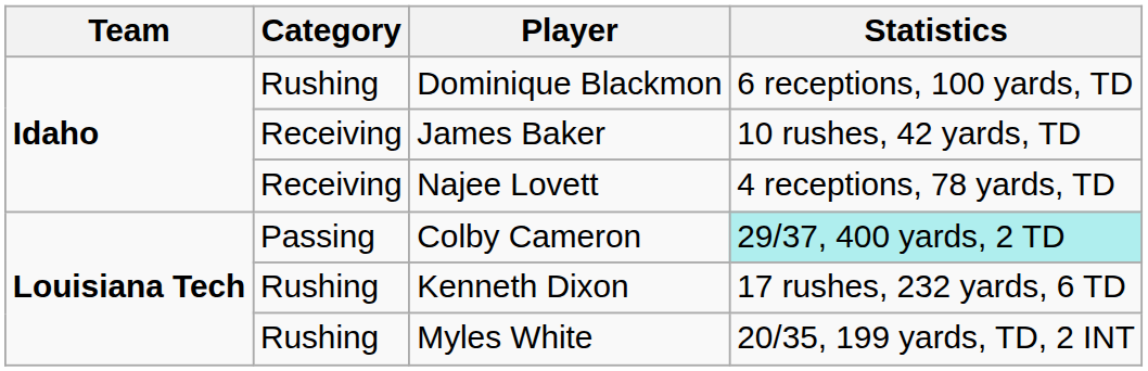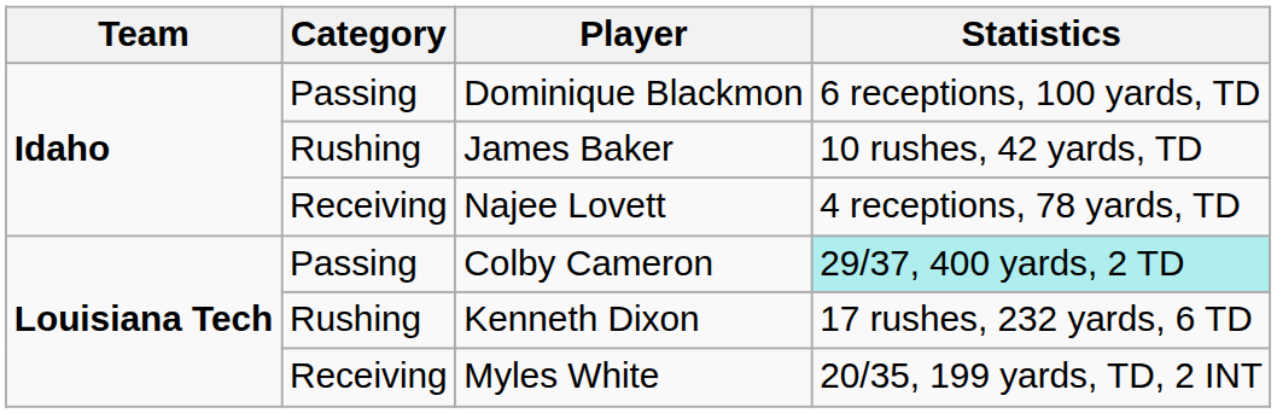 <table class="wikitable" style="float: left;">
 <tr>
 <th>Team</th>
 <th>Category</th>
 <th>Player</th>
 <th>Statistics</th>
 </tr>
 <tr>
 <td rowspan=3><strong>Idaho</strong></td>
-<td>Rushing</td>
+<td>Passing</td>
 <td>Dominique Blackmon</td>
 <td>6 receptions, 100 yards, TD</td>
 </tr>
 <tr>
-<td>Receiving</td>
+<td>Rushing</td>
 <td>James Baker</td>
 <td>10 rushes, 42 yards, TD</td>
 </tr>
 <tr>
 <td>Receiving</td>
 <td>Najee Lovett</td>
 <td>4 receptions, 78 yards, TD</td>
 </tr>
 <tr>
 <td rowspan=3><strong>Louisiana Tech</strong></td>
 <td>Passing</td>
 <td>Colby Cameron</td>
 <td style="background: paleturquoise;">29/37, 400 yards, 2 TD</td>
 </tr>
 <tr>
 <td>Rushing</td>
 <td>Kenneth Dixon</td>
 <td>17 rushes, 232 yards, 6 TD</td>
 </tr>
 <tr>
-<td>Rushing</td>
+<td>Receiving</td>
 <td>Myles White</td>
 <td>20/35, 199 yards, TD, 2 INT</td>
 </tr>
 </table>
